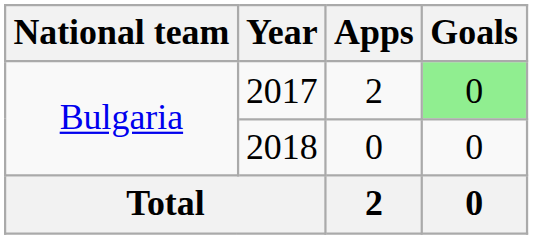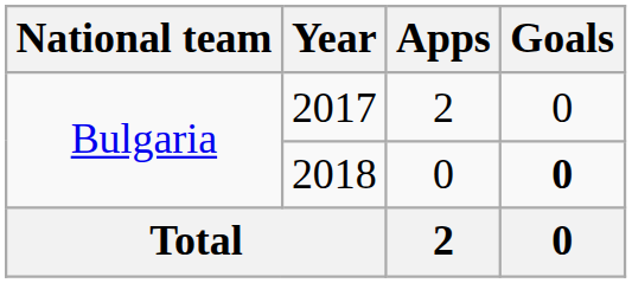 <table class="wikitable" style="text-align:center">
 <tr>
 <th>National team</th>
 <th>Year</th>
 <th>Apps</th>
 <th>Goals</th>
 </tr>
 <tr>
 <td rowspan="2"><a href='#'>Bulgaria</a></td>
 <td>2017</td>
 <td>2</td>
-<td style="background: lightgreen;">0</td>
+<td>0</td>
 </tr>
 <tr>
 <td>2018</td>
 <td>0</td>
-<td>0</td>
+<td><strong>0</strong></td>
 </tr>
 <tr>
 <th colspan="2">Total</th>
 <th>2</th>
 <th>0</th>
 </tr>
 </table>
